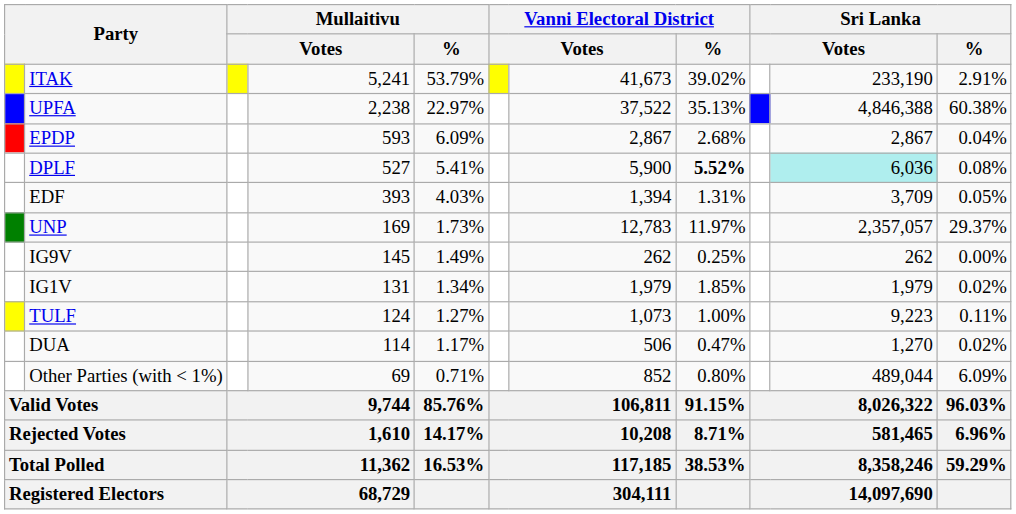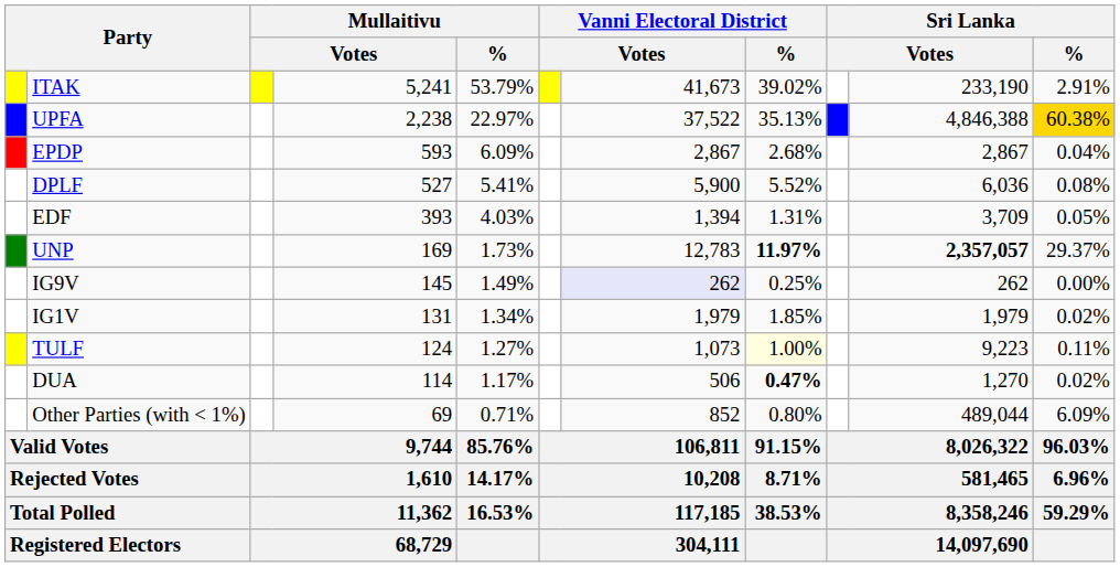 <table class="wikitable">
 <tr>
 <th colspan="2" width="144px"rowspan="2">Party</th>
 <th colspan="3" width="216px">Mullaitivu</th>
 <th colspan="3" width="216px"><a href='#'>Vanni Electoral District</a></th>
 <th colspan="3" width="216px">Sri Lanka</th>
 </tr>
 <tr>
 <th colspan="2" width="144px">Votes</th>
 <th>%</th>
 <th colspan="2" width="144px">Votes</th>
 <th>%</th>
 <th colspan="2" width="144px">Votes</th>
 <th>%</th>
 </tr>
 <tr>
 <td style="background-color:yellow;" width="10px"></td>
 <td style="text-align:left;"><a href='#'>ITAK</a></td>
 <td style="background-color:yellow;" width="10px"></td>
 <td style="text-align:right;">5,241</td>
 <td style="text-align:right;">53.79%</td>
 <td style="background-color:yellow;" width="10px"></td>
 <td style="text-align:right;">41,673</td>
 <td style="text-align:right;">39.02%</td>
 <td style="background-color:white;" width="10px"></td>
 <td style="text-align:right;">233,190</td>
 <td style="text-align:right;">2.91%</td>
 </tr>
 <tr>
 <td style="background-color:blue;" width="10px"></td>
 <td style="text-align:left;"><a href='#'>UPFA</a></td>
 <td style="background-color:white;" width="10px"></td>
 <td style="text-align:right;">2,238</td>
 <td style="text-align:right;">22.97%</td>
 <td style="background-color:white;" width="10px"></td>
 <td style="text-align:right;">37,522</td>
 <td style="text-align:right;">35.13%</td>
 <td style="background-color:blue;" width="10px"></td>
 <td style="text-align:right;">4,846,388</td>
-<td style="text-align:right;">60.38%</td>
+<td style="background: gold; text-align:right;">60.38%</td>
 </tr>
 <tr>
 <td style="background-color:red;" width="10px"></td>
 <td style="text-align:left;"><a href='#'>EPDP</a></td>
 <td style="background-color:white;" width="10px"></td>
 <td style="text-align:right;">593</td>
 <td style="text-align:right;">6.09%</td>
 <td style="background-color:white;" width="10px"></td>
 <td style="text-align:right;">2,867</td>
 <td style="text-align:right;">2.68%</td>
 <td style="background-color:white;" width="10px"></td>
 <td style="text-align:right;">2,867</td>
 <td style="text-align:right;">0.04%</td>
 </tr>
 <tr>
 <td style="background-color:white;" width="10px"></td>
 <td style="text-align:left;"><a href='#'>DPLF</a></td>
 <td style="background-color:white;" width="10px"></td>
 <td style="text-align:right;">527</td>
 <td style="text-align:right;">5.41%</td>
 <td style="background-color:white;" width="10px"></td>
 <td style="text-align:right;">5,900</td>
-<td style="text-align:right;"><strong>5.52%</strong></td>
+<td style="text-align:right;">5.52%</td>
 <td style="background-color:white;" width="10px"></td>
-<td style="background: paleturquoise; text-align:right;">6,036</td>
+<td style="text-align:right;">6,036</td>
 <td style="text-align:right;">0.08%</td>
 </tr>
 <tr>
 <td style="background-color:white;" width="10px"></td>
 <td style="text-align:left;">EDF</td>
 <td style="background-color:white;" width="10px"></td>
 <td style="text-align:right;">393</td>
 <td style="text-align:right;">4.03%</td>
 <td style="background-color:white;" width="10px"></td>
 <td style="text-align:right;">1,394</td>
 <td style="text-align:right;">1.31%</td>
 <td style="background-color:white;" width="10px"></td>
 <td style="text-align:right;">3,709</td>
 <td style="text-align:right;">0.05%</td>
 </tr>
 <tr>
 <td style="background-color:green;" width="10px"></td>
 <td style="text-align:left;"><a href='#'>UNP</a></td>
 <td style="background-color:white;" width="10px"></td>
 <td style="text-align:right;">169</td>
 <td style="text-align:right;">1.73%</td>
 <td style="background-color:white;" width="10px"></td>
 <td style="text-align:right;">12,783</td>
-<td style="text-align:right;">11.97%</td>
+<td style="text-align:right;"><strong>11.97%</strong></td>
 <td style="background-color:white;" width="10px"></td>
-<td style="text-align:right;">2,357,057</td>
+<td style="text-align:right;"><strong>2,357,057</strong></td>
 <td style="text-align:right;">29.37%</td>
 </tr>
 <tr>
 <td style="background-color:white;" width="10px"></td>
 <td style="text-align:left;">IG9V</td>
 <td style="background-color:white;" width="10px"></td>
 <td style="text-align:right;">145</td>
 <td style="text-align:right;">1.49%</td>
 <td style="background-color:white;" width="10px"></td>
-<td style="text-align:right;">262</td>
+<td style="background: lavender; text-align:right;">262</td>
 <td style="text-align:right;">0.25%</td>
 <td style="background-color:white;" width="10px"></td>
 <td style="text-align:right;">262</td>
 <td style="text-align:right;">0.00%</td>
 </tr>
 <tr>
 <td style="background-color:white;" width="10px"></td>
 <td style="text-align:left;">IG1V</td>
 <td style="background-color:white;" width="10px"></td>
 <td style="text-align:right;">131</td>
 <td style="text-align:right;">1.34%</td>
 <td style="background-color:white;" width="10px"></td>
 <td style="text-align:right;">1,979</td>
 <td style="text-align:right;">1.85%</td>
 <td style="background-color:white;" width="10px"></td>
 <td style="text-align:right;">1,979</td>
 <td style="text-align:right;">0.02%</td>
 </tr>
 <tr>
 <td style="background-color:yellow;" width="10px"></td>
 <td style="text-align:left;"><a href='#'>TULF</a></td>
 <td style="background-color:white;" width="10px"></td>
 <td style="text-align:right;">124</td>
 <td style="text-align:right;">1.27%</td>
 <td style="background-color:white;" width="10px"></td>
 <td style="text-align:right;">1,073</td>
-<td style="text-align:right;">1.00%</td>
+<td style="background: lightyellow; text-align:right;">1.00%</td>
 <td style="background-color:white;" width="10px"></td>
 <td style="text-align:right;">9,223</td>
 <td style="text-align:right;">0.11%</td>
 </tr>
 <tr>
 <td style="background-color:white;" width="10px"></td>
 <td style="text-align:left;">DUA</td>
 <td style="background-color:white;" width="10px"></td>
 <td style="text-align:right;">114</td>
 <td style="text-align:right;">1.17%</td>
 <td style="background-color:white;" width="10px"></td>
 <td style="text-align:right;">506</td>
-<td style="text-align:right;">0.47%</td>
+<td style="text-align:right;"><strong>0.47%</strong></td>
 <td style="background-color:white;" width="10px"></td>
 <td style="text-align:right;">1,270</td>
 <td style="text-align:right;">0.02%</td>
 </tr>
 <tr>
 <td style="background-color:white;" width="10px"></td>
 <td style="text-align:left;">Other Parties (with < 1%)</td>
 <td style="background-color:white;" width="10px"></td>
 <td style="text-align:right;">69</td>
 <td style="text-align:right;">0.71%</td>
 <td style="background-color:white;" width="10px"></td>
 <td style="text-align:right;">852</td>
 <td style="text-align:right;">0.80%</td>
 <td style="background-color:white;" width="10px"></td>
 <td style="text-align:right;">489,044</td>
 <td style="text-align:right;">6.09%</td>
 </tr>
 <tr>
 <th colspan="2" width="144px"style="text-align:left;">Valid Votes</th>
 <th style="text-align:right;"colspan="2" width="144px">9,744</th>
 <th style="text-align:right;">85.76%</th>
 <th style="text-align:right;"colspan="2" width="144px">106,811</th>
 <th style="text-align:right;">91.15%</th>
 <th style="text-align:right;"colspan="2" width="144px">8,026,322</th>
 <th style="text-align:right;">96.03%</th>
 </tr>
 <tr>
 <th colspan="2" width="144px"style="text-align:left;">Rejected Votes</th>
 <th style="text-align:right;"colspan="2" width="144px">1,610</th>
 <th style="text-align:right;">14.17%</th>
 <th style="text-align:right;"colspan="2" width="144px">10,208</th>
 <th style="text-align:right;">8.71%</th>
 <th style="text-align:right;"colspan="2" width="144px">581,465</th>
 <th style="text-align:right;">6.96%</th>
 </tr>
 <tr>
 <th colspan="2" width="144px"style="text-align:left;">Total Polled</th>
 <th style="text-align:right;"colspan="2" width="144px">11,362</th>
 <th style="text-align:right;">16.53%</th>
 <th style="text-align:right;"colspan="2" width="144px">117,185</th>
 <th style="text-align:right;">38.53%</th>
 <th style="text-align:right;"colspan="2" width="144px">8,358,246</th>
 <th style="text-align:right;">59.29%</th>
 </tr>
 <tr>
 <th colspan="2" width="144px"style="text-align:left;">Registered Electors</th>
 <th style="text-align:right;"colspan="2" width="144px">68,729</th>
 <th></th>
 <th style="text-align:right;"colspan="2" width="144px">304,111</th>
 <th></th>
 <th style="text-align:right;"colspan="2" width="144px">14,097,690</th>
 <th></th>
 </tr>
 </table>
